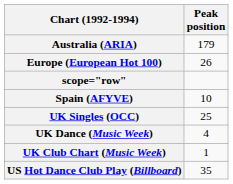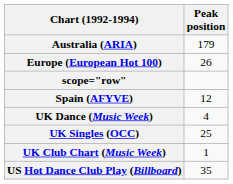 <table class="wikitable sortable plainrowheaders">
 <tr>
 <th>Chart (1992-1994)</th>
 <th>Peak<br>position</th>
 </tr>
 <tr>
 <th scope="row">Australia (<a href='#'>ARIA</a>)</th>
 <td align="center">179</td>
 </tr>
 <tr>
 <th scope="row">Europe (<a href='#'>European Hot 100</a>)</th>
 <td align="center">26</td>
 </tr>
 <tr>
 <th>scope="row"</th>
 </tr>
 <tr>
 <th scope="row">Spain (<a href='#'>AFYVE</a>)</th>
-<td align="center">10</td>
+<td align="center">12</td>
+</tr>
+<tr>
+<th scope="row">UK Dance (<em><a href='#'>Music Week</a></em>)</th>
+<td align="center">4</td>
 </tr>
 <tr>
 <th scope="row"><a href='#'>UK Singles</a> (<a href='#'>OCC</a>)</th>
 <td align="center">25</td>
-</tr>
-<tr>
-<th scope="row">UK Dance (<em><a href='#'>Music Week</a></em>)</th>
-<td align="center">4</td>
 </tr>
 <tr>
 <th scope="row"><a href='#'>UK Club Chart</a> (<em><a href='#'>Music Week</a></em>)</th>
 <td align="center">1</td>
 </tr>
 <tr>
 <th scope="row">US <a href='#'>Hot Dance Club Play</a> (<em><a href='#'>Billboard</a></em>)</th>
 <td align="center">35</td>
 </tr>
 </table>
